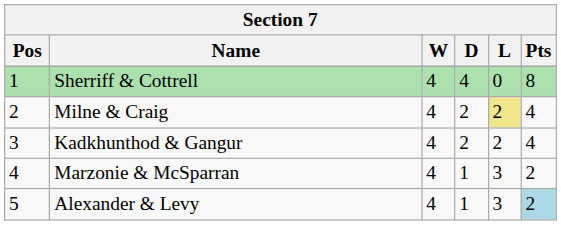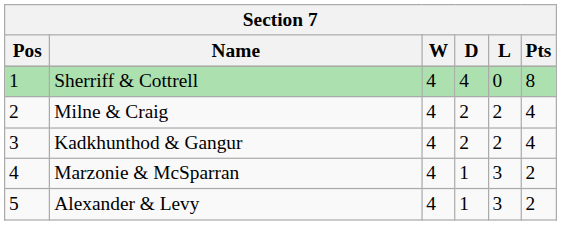 <table class="wikitable">
 <tr>
 <th colspan="6">Section 7</th>
 </tr>
 <tr>
 <th width=30>Pos</th>
 <th width=300>Name</th>
 <th width=20>W</th>
 <th width=20>D</th>
 <th width=20>L</th>
 <th width=20>Pts</th>
 </tr>
 <tr>
 </tr>
 <tr style="background:#ACE1AF;">
 <td>1</td>
 <td> Sherriff & Cottrell</td>
 <td>4</td>
 <td>4</td>
 <td>0</td>
 <td>8</td>
 </tr>
 <tr>
 <td>2</td>
 <td> Milne & Craig</td>
 <td>4</td>
 <td>2</td>
-<td style="background: khaki;">2</td>
+<td>2</td>
 <td>4</td>
 </tr>
 <tr>
 <td>3</td>
 <td> Kadkhunthod & Gangur</td>
 <td>4</td>
 <td>2</td>
 <td>2</td>
 <td>4</td>
 </tr>
 <tr>
 <td>4</td>
 <td> Marzonie & McSparran</td>
 <td>4</td>
 <td>1</td>
 <td>3</td>
 <td>2</td>
 </tr>
 <tr>
 <td>5</td>
 <td> Alexander &  Levy</td>
 <td>4</td>
 <td>1</td>
 <td>3</td>
-<td style="background: lightblue;">2</td>
+<td>2</td>
 </tr>
 </table>
